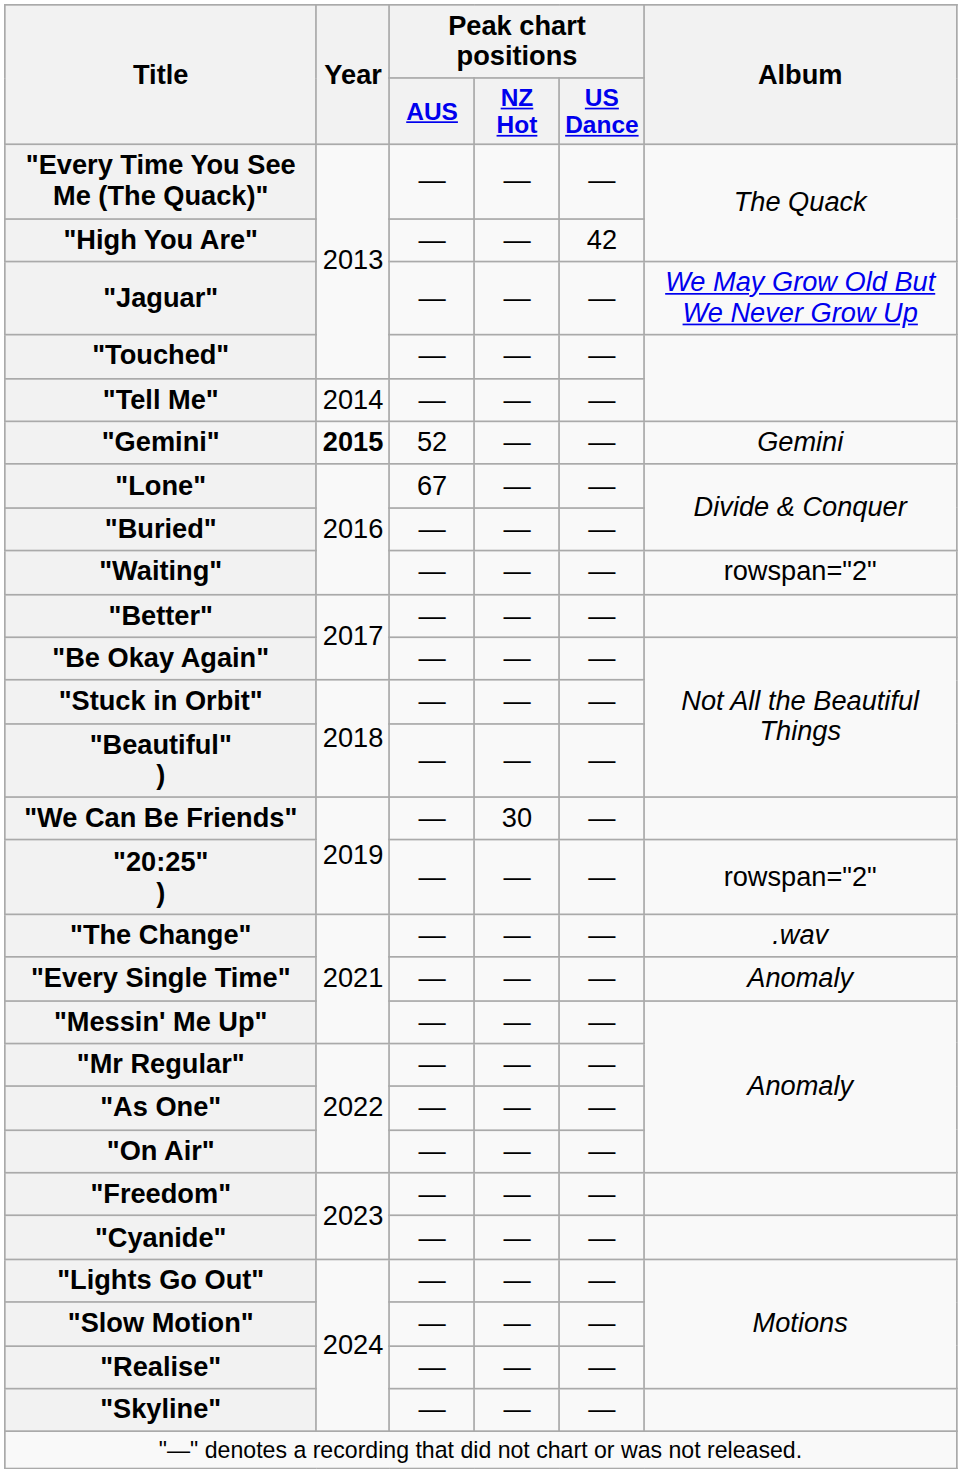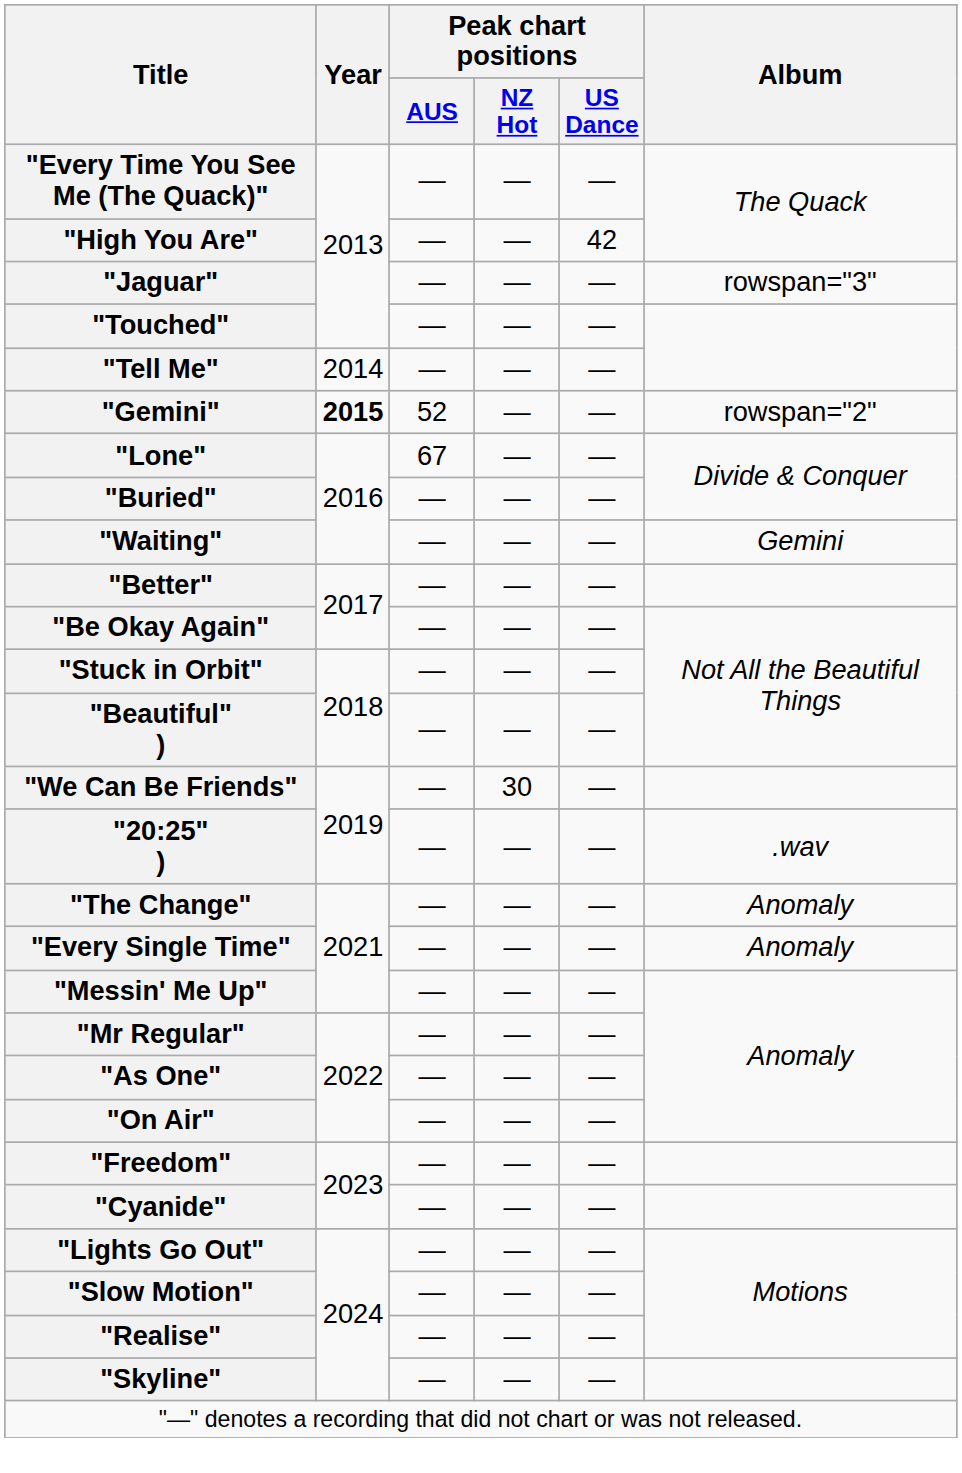 <table class="wikitable plainrowheaders" style="text-align:center;">
 <tr>
 <th scope="col" rowspan="2" style="width:11em;">Title</th>
 <th scope="col" rowspan="2" style="width:1em;">Year</th>
 <th scope="col" colspan="3">Peak chart positions</th>
 <th scope="col" rowspan="2" style="width:11em;">Album</th>
 </tr>
 <tr>
 <th scope="col" style="width:3em;font-size:90%;"><a href='#'>AUS</a><br></th>
 <th scope="col" style="width:3em;font-size:90%;"><a href='#'>NZ<br>Hot</a><br></th>
 <th scope="col" style="width:3em;font-size:90%;"><a href='#'>US<br>Dance</a><br></th>
 </tr>
 <tr>
 <th scope="row">"Every Time You See Me (The Quack)"</th>
 <td rowspan="4">2013</td>
 <td>—</td>
 <td>—</td>
 <td>—</td>
 <td rowspan="2"><em>The Quack</em></td>
 </tr>
 <tr>
 <th scope="row">"High You Are"</th>
 <td>—</td>
 <td>—</td>
 <td>42</td>
 </tr>
 <tr>
 <th scope="row">"Jaguar"</th>
 <td>—</td>
 <td>—</td>
 <td>—</td>
-<td><em><a href='#'>We May Grow Old But We Never Grow Up</a></em></td>
+<td>rowspan="3" </td>
 </tr>
 <tr>
 <th scope="row">"Touched"</th>
 <td>—</td>
 <td>—</td>
 <td>—</td>
 </tr>
 <tr>
 <th scope="row">"Tell Me" <br></th>
 <td>2014</td>
 <td>—</td>
 <td>—</td>
 <td>—</td>
 </tr>
 <tr>
 <th scope="row">"Gemini" <br></th>
 <td><strong>2015</strong></td>
 <td>52</td>
 <td>—</td>
 <td>—</td>
-<td><em>Gemini</em></td>
+<td>rowspan="2" </td>
 </tr>
 <tr>
 <th scope="row">"Lone" <br></th>
 <td rowspan="3">2016</td>
 <td>67</td>
 <td>—</td>
 <td>—</td>
 <td rowspan="2"><em>Divide & Conquer</em></td>
 </tr>
 <tr>
 <th scope="row">"Buried" <br></th>
 <td>—</td>
 <td>—</td>
 <td>—</td>
 </tr>
 <tr>
 <th scope="row">"Waiting" <br></th>
 <td>—</td>
 <td>—</td>
 <td>—</td>
-<td>rowspan="2" </td>
+<td><em>Gemini</em></td>
 </tr>
 <tr>
 <th scope="row">"Better" <br></th>
 <td rowspan="2">2017</td>
 <td>—</td>
 <td>—</td>
 <td>—</td>
 </tr>
 <tr>
 <th scope="row">"Be Okay Again" <br></th>
 <td>—</td>
 <td>—</td>
 <td>—</td>
 <td rowspan="3"><em>Not All the Beautiful Things</em></td>
 </tr>
 <tr>
 <th scope="row">"Stuck in Orbit"<br></th>
 <td rowspan="2">2018</td>
 <td>—</td>
 <td>—</td>
 <td>—</td>
 </tr>
 <tr>
 <th scope="row">"Beautiful" <br>)</th>
 <td>—</td>
 <td>—</td>
 <td>—</td>
 </tr>
 <tr>
 <th scope="row">"We Can Be Friends"<br></th>
 <td rowspan="2">2019</td>
 <td>—</td>
 <td>30</td>
 <td>—</td>
 <td></td>
 </tr>
 <tr>
 <th scope="row">"20:25" <br>)</th>
 <td>—</td>
 <td>—</td>
 <td>—</td>
-<td>rowspan="2" </td>
+<td><em>.wav</em></td>
 </tr>
 <tr>
 <th scope="row">"The Change" <br></th>
 <td rowspan="3">2021</td>
 <td>—</td>
 <td>—</td>
 <td>—</td>
-<td><em>.wav</em></td>
+<td><em>Anomaly</em></td>
 </tr>
 <tr>
 <th scope="row">"Every Single Time" <br></th>
 <td>—</td>
 <td>—</td>
 <td>—</td>
 <td><em>Anomaly</em></td>
 </tr>
 <tr>
 <th scope="row">"Messin' Me Up" <br></th>
 <td>—</td>
 <td>—</td>
 <td>—</td>
 <td rowspan="4"><em>Anomaly</em></td>
 </tr>
 <tr>
 <th scope="row">"Mr Regular" <br></th>
 <td rowspan="3">2022</td>
 <td>—</td>
 <td>—</td>
 <td>—</td>
 </tr>
 <tr>
 <th scope="row">"As One" <br></th>
 <td>—</td>
 <td>—</td>
 <td>—</td>
 </tr>
 <tr>
 <th scope="row">"On Air" <br></th>
 <td>—</td>
 <td>—</td>
 <td>—</td>
 </tr>
 <tr>
 <th scope="row">"Freedom" <br></th>
 <td rowspan="2">2023</td>
 <td>—</td>
 <td>—</td>
 <td>—</td>
 <td></td>
 </tr>
 <tr>
 <th scope="row">"Cyanide" <br></th>
 <td>—</td>
 <td>—</td>
 <td>—</td>
 <td></td>
 </tr>
 <tr>
 <th scope="row">"Lights Go Out" <br></th>
 <td rowspan="4">2024</td>
 <td>—</td>
 <td>—</td>
 <td>—</td>
 <td rowspan="3"><em>Motions</em></td>
 </tr>
 <tr>
 <th scope="row">"Slow Motion" <br></th>
 <td>—</td>
 <td>—</td>
 <td>—</td>
 </tr>
 <tr>
 <th scope="row">"Realise" <br></th>
 <td>—</td>
 <td>—</td>
 <td>—</td>
 </tr>
 <tr>
 <th scope="row">"Skyline" <br></th>
 <td>—</td>
 <td>—</td>
 <td>—</td>
 <td></td>
 </tr>
 <tr>
 <td colspan="6" style="font-size:85%">"—" denotes a recording that did not chart or was not released.</td>
 </tr>
 </table>
